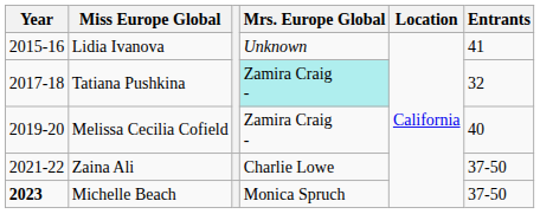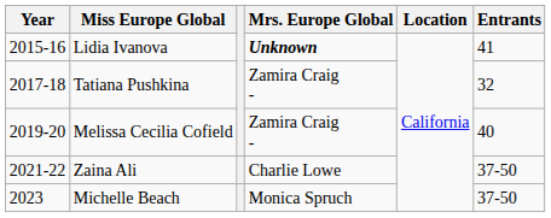 <table class="wikitable" style="font-size: 95%;">
 <tr>
 <th>Year</th>
 <th>Miss Europe Global</th>
 <th rowspan="4"></th>
 <th>Mrs. Europe Global</th>
 <th>Location</th>
 <th>Entrants</th>
 </tr>
 <tr>
 <td>2015-16</td>
 <td>Lidia Ivanova<br></td>
-<td><em>Unknown</em><br></td>
+<td><strong><em>Unknown</em><br></strong></td>
 <td rowspan="5"><a href='#'>California</a></td>
 <td>41</td>
 </tr>
 <tr>
 <td>2017-18</td>
 <td>Tatiana Pushkina<br></td>
-<td style="background: paleturquoise;">Zamira Craig<br>-</td>
+<td>Zamira Craig<br>-</td>
 <td>32</td>
 </tr>
 <tr>
 <td>2019-20</td>
 <td>Melissa Cecilia Cofield<br></td>
 <td>Zamira Craig<br>-</td>
 <td>40</td>
 </tr>
 <tr>
 <td>2021-22</td>
 <td>Zaina Ali<br></td>
 <th></th>
 <td>Charlie Lowe<br></td>
 <td>37-50</td>
 </tr>
 <tr>
-<td><strong>2023</strong></td>
+<td>2023</td>
 <td>Michelle Beach<br></td>
 <th></th>
 <td>Monica Spruch<br></td>
 <td>37-50</td>
 </tr>
 </table>
